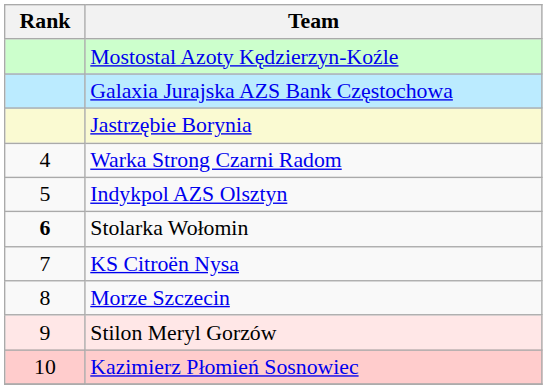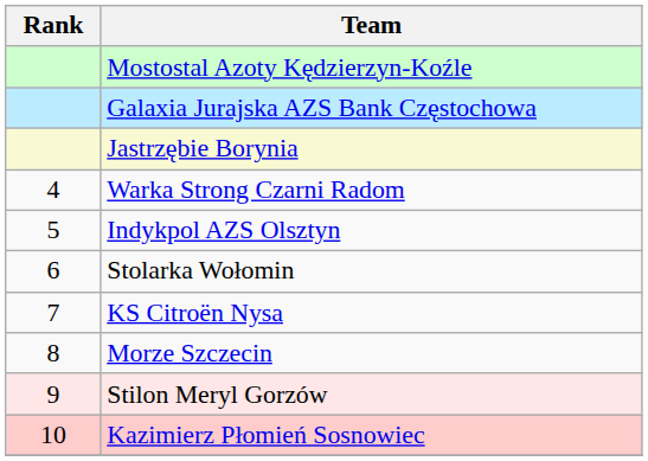 <table class="wikitable" style="white-space: nowrap; width:25%">
 <tr>
 <th width=15%>Rank</th>
 <th>Team</th>
 </tr>
 <tr bgcolor=#CCFFCC>
 <td style="text-align:center;"></td>
 <td><a href='#'>Mostostal Azoty Kędzierzyn-Koźle</a></td>
 </tr>
 <tr bgcolor=#BBEBFF>
 <td style="text-align:center;"></td>
 <td><a href='#'>Galaxia Jurajska AZS Bank Częstochowa</a></td>
 </tr>
 <tr bgcolor=#FAFAD2>
 <td style="text-align:center;"></td>
 <td><a href='#'>Jastrzębie Borynia</a></td>
 </tr>
 <tr>
 <td style="text-align:center;">4</td>
 <td><a href='#'>Warka Strong Czarni Radom</a></td>
 </tr>
 <tr>
 <td style="text-align:center;">5</td>
 <td><a href='#'>Indykpol AZS Olsztyn</a></td>
 </tr>
 <tr>
-<td style="text-align:center;"><strong>6</strong></td>
+<td style="text-align:center;">6</td>
 <td>Stolarka Wołomin</td>
 </tr>
 <tr>
 <td style="text-align:center;">7</td>
 <td><a href='#'>KS Citroën Nysa</a></td>
 </tr>
 <tr>
 <td style="text-align:center;">8</td>
 <td><a href='#'>Morze Szczecin</a></td>
 </tr>
 <tr bgcolor=#FFE7E7>
 <td style="text-align:center;">9</td>
 <td>Stilon Meryl Gorzów</td>
 </tr>
 <tr bgcolor=#FFCCCC>
 <td style="text-align:center;">10</td>
 <td><a href='#'>Kazimierz Płomień Sosnowiec</a></td>
 </tr>
 <tr>
 </tr>
 </table>
